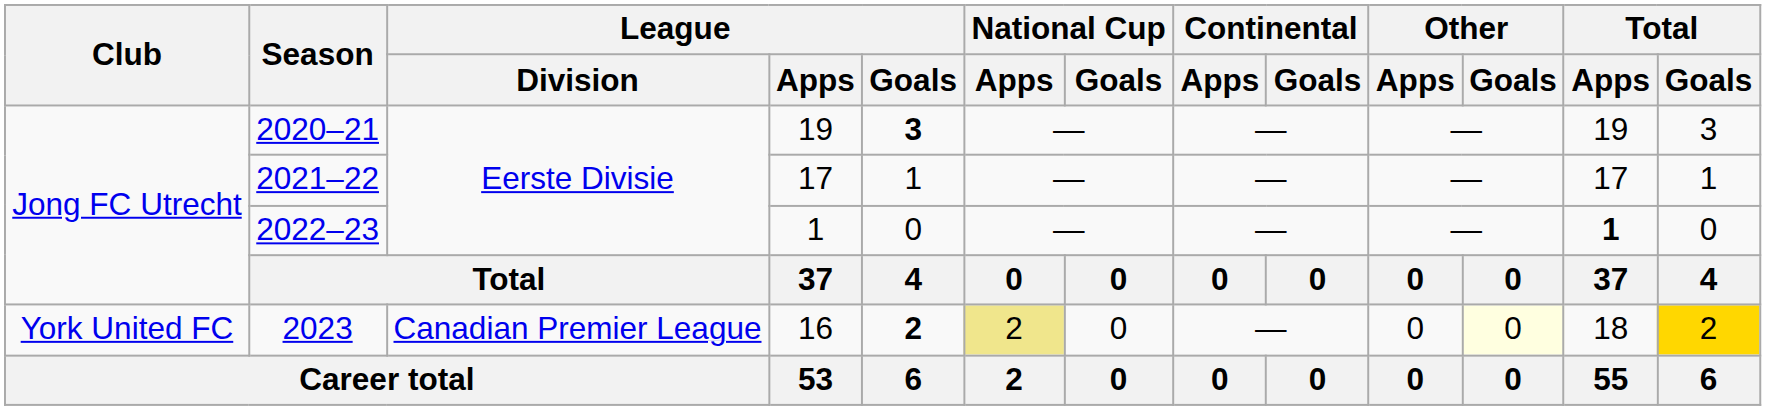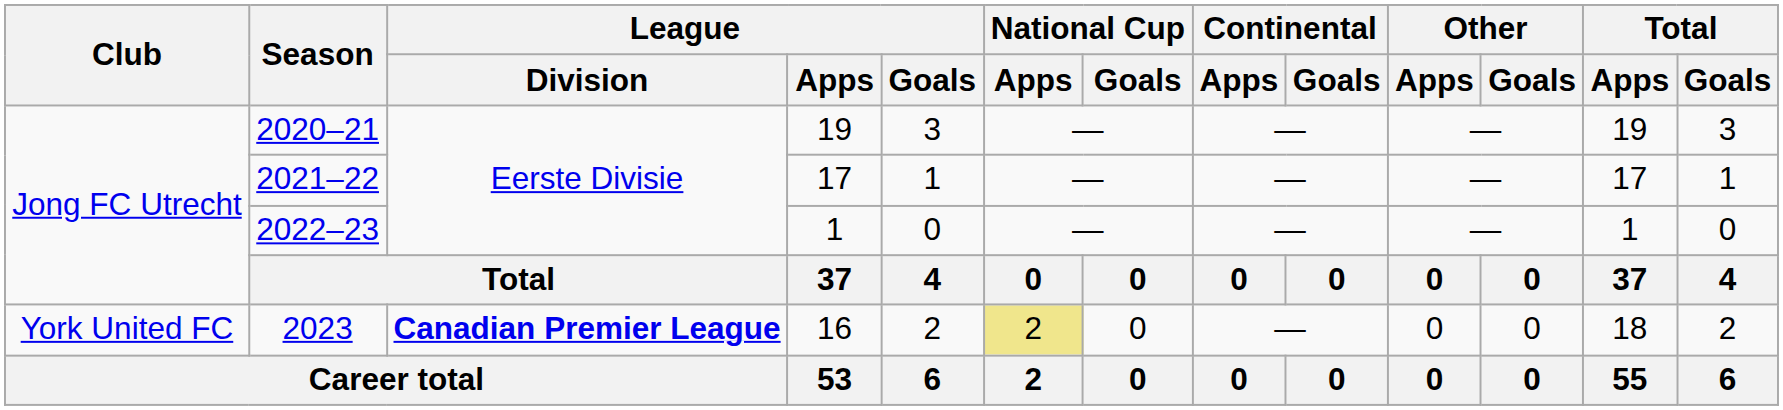 <table class="wikitable" style="text-align: center">
 <tr>
 <th rowspan="2">Club</th>
 <th rowspan="2">Season</th>
 <th colspan="3">League</th>
 <th colspan="2">National Cup</th>
 <th colspan="2">Continental</th>
 <th colspan="2">Other</th>
 <th colspan="2">Total</th>
 </tr>
 <tr>
 <th>Division</th>
 <th>Apps</th>
 <th>Goals</th>
 <th>Apps</th>
 <th>Goals</th>
 <th>Apps</th>
 <th>Goals</th>
 <th>Apps</th>
 <th>Goals</th>
 <th>Apps</th>
 <th>Goals</th>
 </tr>
 <tr>
 <td rowspan=4><a href='#'>Jong FC Utrecht</a></td>
 <td><a href='#'>2020–21</a></td>
 <td rowspan=3><a href='#'>Eerste Divisie</a></td>
 <td>19</td>
-<td><strong>3</strong></td>
+<td>3</td>
 <td colspan="2">—</td>
 <td colspan="2">—</td>
 <td colspan="2">—</td>
 <td>19</td>
 <td>3</td>
 </tr>
 <tr>
 <td><a href='#'>2021–22</a></td>
 <td>17</td>
 <td>1</td>
 <td colspan="2">—</td>
 <td colspan="2">—</td>
 <td colspan="2">—</td>
 <td>17</td>
 <td>1</td>
 </tr>
 <tr>
 <td><a href='#'>2022–23</a></td>
 <td>1</td>
 <td>0</td>
 <td colspan="2">—</td>
 <td colspan="2">—</td>
 <td colspan="2">—</td>
-<td><strong>1</strong></td>
+<td>1</td>
 <td>0</td>
 </tr>
 <tr>
 <th colspan="2">Total</th>
 <th>37</th>
 <th>4</th>
 <th>0</th>
 <th>0</th>
 <th>0</th>
 <th>0</th>
 <th>0</th>
 <th>0</th>
 <th>37</th>
 <th>4</th>
 </tr>
 <tr>
 <td><a href='#'>York United FC</a></td>
 <td><a href='#'>2023</a></td>
-<td><a href='#'>Canadian Premier League</a></td>
+<td><strong><a href='#'>Canadian Premier League</a></strong></td>
 <td>16</td>
-<td><strong>2</strong></td>
+<td>2</td>
 <td style="background: khaki;">2</td>
 <td>0</td>
 <td colspan=2>—</td>
 <td>0</td>
-<td style="background: lightyellow;">0</td>
+<td>0</td>
 <td>18</td>
-<td style="background: gold;">2</td>
+<td>2</td>
 </tr>
 <tr>
 <th colspan="3">Career total</th>
 <th>53</th>
 <th>6</th>
 <th>2</th>
 <th>0</th>
 <th>0</th>
 <th>0</th>
 <th>0</th>
 <th>0</th>
 <th>55</th>
 <th>6</th>
 </tr>
 </table>
